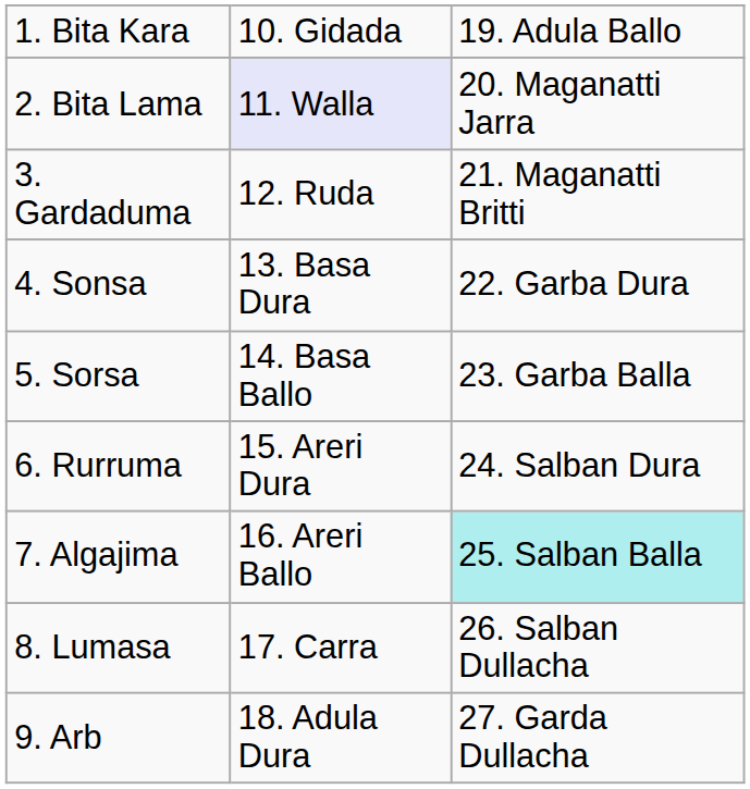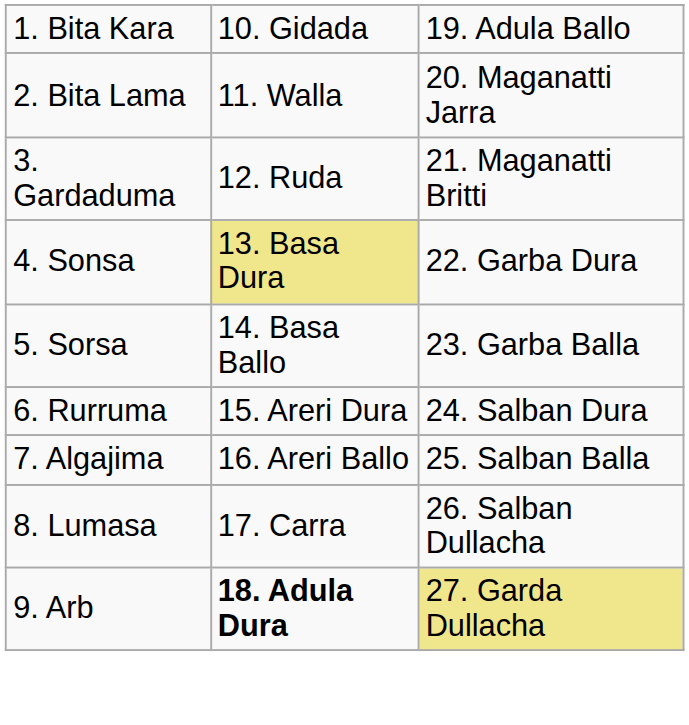 <table class="wikitable" style="margin:auto; width:40%;">
 <tr>
 <td>1. Bita Kara</td>
 <td>10. Gidada</td>
 <td>19. Adula Ballo</td>
 </tr>
 <tr>
 <td>2. Bita Lama</td>
-<td style="background: lavender;">11. Walla</td>
+<td>11. Walla</td>
 <td>20. Maganatti Jarra</td>
 </tr>
 <tr>
 <td>3. Gardaduma</td>
 <td>12. Ruda</td>
 <td>21. Maganatti Britti</td>
 </tr>
 <tr>
 <td>4. Sonsa</td>
-<td>13. Basa Dura</td>
+<td style="background: khaki;">13. Basa Dura</td>
 <td>22. Garba Dura</td>
 </tr>
 <tr>
 <td>5. Sorsa</td>
 <td>14. Basa Ballo</td>
 <td>23. Garba Balla</td>
 </tr>
 <tr>
 <td>6. Rurruma</td>
 <td>15. Areri Dura</td>
 <td>24. Salban Dura</td>
 </tr>
 <tr>
 <td>7. Algajima</td>
 <td>16. Areri Ballo</td>
-<td style="background: paleturquoise;">25. Salban Balla</td>
+<td>25. Salban Balla</td>
 </tr>
 <tr>
 <td>8. Lumasa</td>
 <td>17. Carra</td>
 <td>26. Salban Dullacha</td>
 </tr>
 <tr>
 <td>9. Arb</td>
-<td>18. Adula Dura</td>
-<td>27. Garda Dullacha</td>
+<td><strong>18. Adula Dura</strong></td>
+<td style="background: khaki;">27. Garda Dullacha</td>
 </tr>
 </table>
